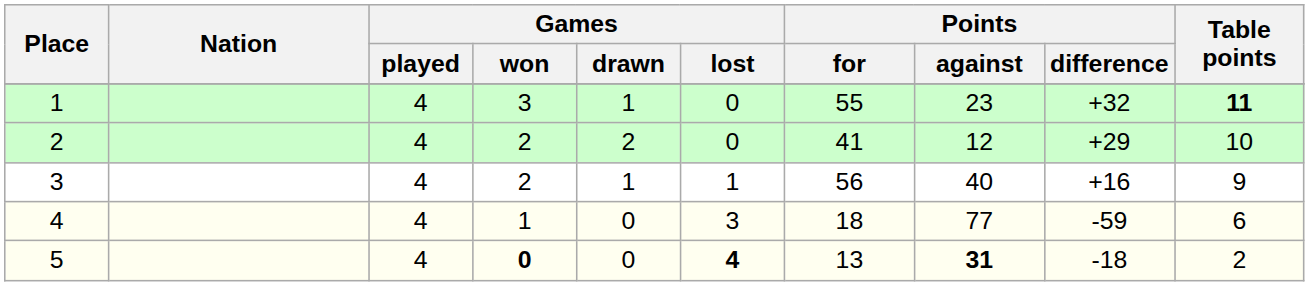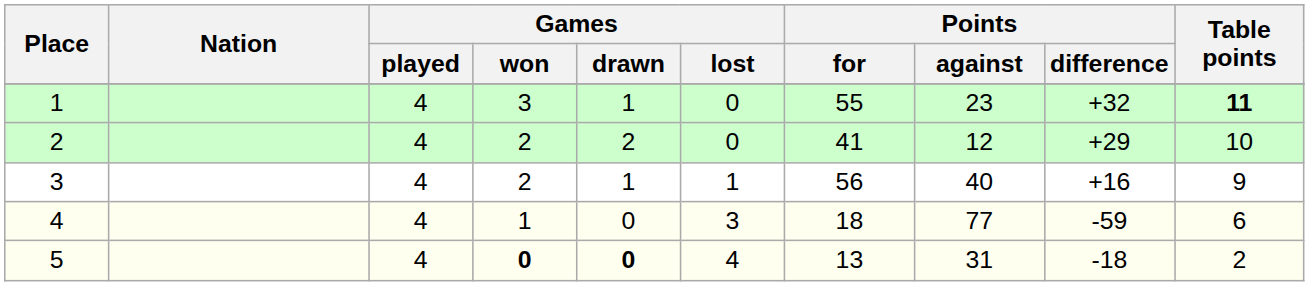 <table class="wikitable">
 <tr>
 <th rowspan=2 width="8%">Place</th>
 <th rowspan=2 width="20%">Nation</th>
 <th colspan=4 width="32%">Games</th>
 <th colspan=3 width="30%">Points</th>
 <th rowspan=2 width="10%">Table<br>points</th>
 </tr>
 <tr>
 <th width="8%">played</th>
 <th width="8%">won</th>
 <th width="8%">drawn</th>
 <th width="8%">lost</th>
 <th width="10%">for</th>
 <th width="10%">against</th>
 <th width="10%">difference</th>
 </tr>
 <tr>
 </tr>
 <tr bgcolor=#ccffcc align=center>
 <td>1</td>
 <td align=left><strong></strong></td>
 <td>4</td>
 <td>3</td>
 <td>1</td>
 <td>0</td>
 <td>55</td>
 <td>23</td>
 <td>+32</td>
 <td><strong>11</strong></td>
 </tr>
 <tr bgcolor=#ccffcc align=center>
 <td>2</td>
 <td align=left></td>
 <td>4</td>
 <td>2</td>
 <td>2</td>
 <td>0</td>
 <td>41</td>
 <td>12</td>
 <td>+29</td>
 <td>10</td>
 </tr>
 <tr bgcolor=#ffffff align=center>
 <td>3</td>
 <td align=left></td>
 <td>4</td>
 <td>2</td>
 <td>1</td>
 <td>1</td>
 <td>56</td>
 <td>40</td>
 <td>+16</td>
 <td>9</td>
 </tr>
 <tr bgcolor=#fffff align=center>
 <td>4</td>
 <td align=left></td>
 <td>4</td>
 <td>1</td>
 <td>0</td>
 <td>3</td>
 <td>18</td>
 <td>77</td>
 <td>-59</td>
 <td>6</td>
 </tr>
 <tr bgcolor=#fffff align=center>
 <td>5</td>
 <td align=left></td>
 <td>4</td>
 <td><strong>0</strong></td>
-<td>0</td>
-<td><strong>4</strong></td>
+<td><strong>0</strong></td>
+<td>4</td>
 <td>13</td>
-<td><strong>31</strong></td>
+<td>31</td>
 <td>-18</td>
 <td>2</td>
 </tr>
 </table>
